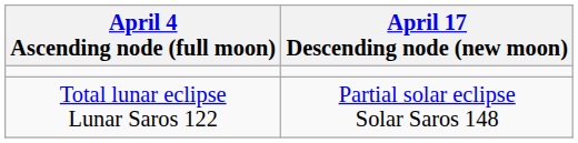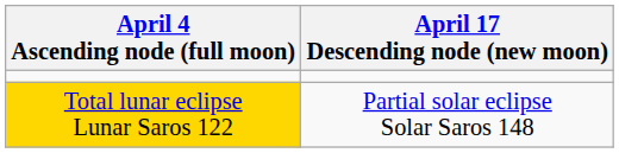 <table class="wikitable">
 <tr>
 <th><a href='#'>April 4</a><br>Ascending node (full moon)<br></th>
 <th><a href='#'>April 17</a><br>Descending node (new moon)<br></th>
 </tr>
 <tr>
 <td></td>
 <td></td>
 </tr>
 <tr align=center>
-<td><a href='#'>Total lunar eclipse</a><br>Lunar Saros 122</td>
+<td style="background: gold;"><a href='#'>Total lunar eclipse</a><br>Lunar Saros 122</td>
 <td><a href='#'>Partial solar eclipse</a><br>Solar Saros 148</td>
 </tr>
 </table>
